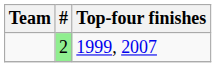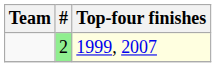 <table class="wikitable" style="text-align: left;">
 <tr>
 <th>Team</th>
 <th width=4>#</th>
 <th>Top-four finishes</th>
 </tr>
 <tr>
 <td></td>
 <td style="background: lightgreen;">2</td>
-<td><a href='#'>1999</a>, <a href='#'>2007</a></td>
+<td style="background: lightyellow;"><a href='#'>1999</a>, <a href='#'>2007</a></td>
 </tr>
 <tr>
 </tr>
 </table>
